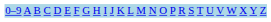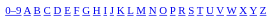 <table border="0" align="center" class="toccolours">
 <tr>
 <th></th>
 </tr>
 <tr>
-<td align="center" style="background: lightblue;"><a href='#'>0–9</a> <a href='#'>A</a> <a href='#'>B</a> <a href='#'>C</a> <a href='#'>D</a> <a href='#'>E</a> <a href='#'>F</a> <a href='#'>G</a> <a href='#'>H</a> <a href='#'>I</a> <a href='#'>J</a> <a href='#'>K</a> <a href='#'>L</a> <a href='#'>M</a> <a href='#'>N</a> <a href='#'>O</a> <a href='#'>P</a> <a href='#'>R</a> <a href='#'>S</a> <a href='#'>T</a> <a href='#'>U</a> <a href='#'>V</a> <a href='#'>W</a> <a href='#'>X</a> <a href='#'>Y</a> <a href='#'>Z</a><br></td>
+<td align="center"><a href='#'>0–9</a> <a href='#'>A</a> <a href='#'>B</a> <a href='#'>C</a> <a href='#'>D</a> <a href='#'>E</a> <a href='#'>F</a> <a href='#'>G</a> <a href='#'>H</a> <a href='#'>I</a> <a href='#'>J</a> <a href='#'>K</a> <a href='#'>L</a> <a href='#'>M</a> <a href='#'>N</a> <a href='#'>O</a> <a href='#'>P</a> <a href='#'>R</a> <a href='#'>S</a> <a href='#'>T</a> <a href='#'>U</a> <a href='#'>V</a> <a href='#'>W</a> <a href='#'>X</a> <a href='#'>Y</a> <a href='#'>Z</a><br></td>
 </tr>
 </table>
